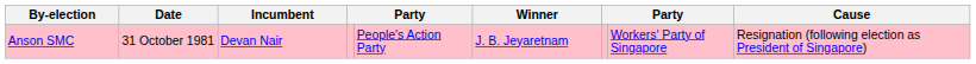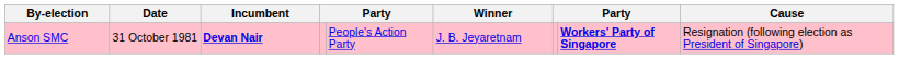 <table class="wikitable">
 <tr>
 <th ! scope="col" width="140px">By-election</th>
 <th ! scope="col" width="120px">Date</th>
 <th ! scope="col" width="160px">Incumbent</th>
 <th ! scope="col" width="200px" colspan=2>Party</th>
 <th ! scope="col" width="160px">Winner</th>
 <th ! scope="col" width="200px" colspan=2>Party</th>
 <th ! scope="col">Cause</th>
 </tr>
 <tr bgcolor=pink>
 <td><a href='#'>Anson SMC</a></td>
 <td>31 October 1981</td>
-<td><a href='#'>Devan Nair</a></td>
+<td><strong><a href='#'>Devan Nair</a></strong></td>
 <td></td>
 <td><a href='#'>People's Action Party</a></td>
 <td><a href='#'>J. B. Jeyaretnam</a></td>
 <td></td>
-<td><a href='#'>Workers' Party of Singapore</a></td>
+<td><strong><a href='#'>Workers' Party of Singapore</a></strong></td>
 <td>Resignation (following election as <a href='#'>President of Singapore</a>)</td>
 </tr>
 </table>
